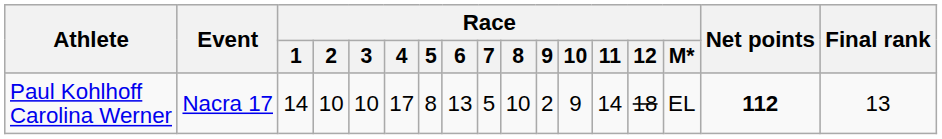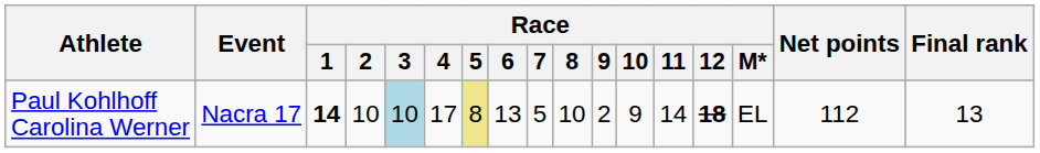 <table class="wikitable" style="font-size:90%">
 <tr>
 <th rowspan="2">Athlete</th>
 <th rowspan="2">Event</th>
 <th colspan=13>Race</th>
 <th rowspan=2>Net points</th>
 <th rowspan=2>Final rank</th>
 </tr>
 <tr style="font-size:95%">
 <th>1</th>
 <th>2</th>
 <th>3</th>
 <th>4</th>
 <th>5</th>
 <th>6</th>
 <th>7</th>
 <th>8</th>
 <th>9</th>
 <th>10</th>
 <th>11</th>
 <th>12</th>
 <th>M*</th>
 </tr>
 <tr align=center>
 <td align=left><a href='#'>Paul Kohlhoff</a><br><a href='#'>Carolina Werner</a></td>
 <td align=left><a href='#'>Nacra 17</a></td>
-<td>14</td>
+<td><strong>14</strong></td>
 <td>10</td>
-<td>10</td>
+<td style="background: lightblue;">10</td>
 <td>17</td>
-<td>8</td>
+<td style="background: khaki;">8</td>
 <td>13</td>
 <td>5</td>
 <td>10</td>
 <td>2</td>
 <td>9</td>
 <td>14</td>
-<td><s>18</s></td>
+<td><strong><s>18</s></strong></td>
 <td>EL</td>
-<td><strong>112</strong></td>
+<td>112</td>
 <td>13</td>
 </tr>
 </table>
